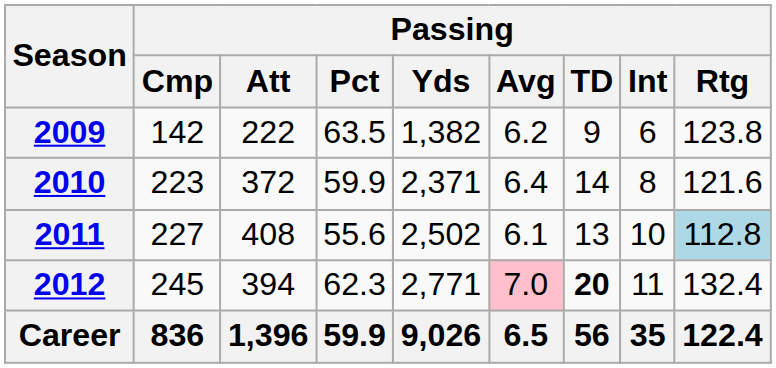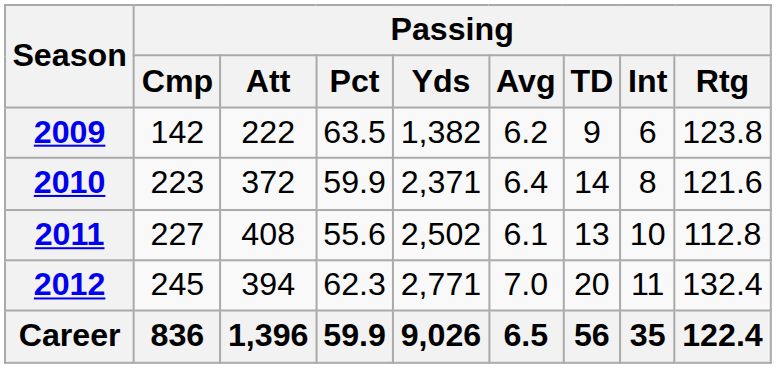 <table class="wikitable" style="text-align:center">
 <tr>
 <th rowspan="2">Season</th>
 <th colspan="8">Passing</th>
 </tr>
 <tr>
 <th>Cmp</th>
 <th>Att</th>
 <th>Pct</th>
 <th>Yds</th>
 <th>Avg</th>
 <th>TD</th>
 <th>Int</th>
 <th>Rtg</th>
 </tr>
 <tr>
 <th><a href='#'>2009</a></th>
 <td>142</td>
 <td>222</td>
 <td>63.5</td>
 <td>1,382</td>
 <td>6.2</td>
 <td>9</td>
 <td>6</td>
 <td>123.8</td>
 </tr>
 <tr>
 <th><a href='#'>2010</a></th>
 <td>223</td>
 <td>372</td>
 <td>59.9</td>
 <td>2,371</td>
 <td>6.4</td>
 <td>14</td>
 <td>8</td>
 <td>121.6</td>
 </tr>
 <tr>
 <th><a href='#'>2011</a></th>
 <td>227</td>
 <td>408</td>
 <td>55.6</td>
 <td>2,502</td>
 <td>6.1</td>
 <td>13</td>
 <td>10</td>
-<td style="background: lightblue;">112.8</td>
+<td>112.8</td>
 </tr>
 <tr>
 <th><a href='#'>2012</a></th>
 <td>245</td>
 <td>394</td>
 <td>62.3</td>
 <td>2,771</td>
-<td style="background: pink;">7.0</td>
-<td><strong>20</strong></td>
+<td>7.0</td>
+<td>20</td>
 <td>11</td>
 <td>132.4</td>
 </tr>
 <tr>
 <th>Career</th>
 <th>836</th>
 <th>1,396</th>
 <th>59.9</th>
 <th>9,026</th>
 <th>6.5</th>
 <th>56</th>
 <th>35</th>
 <th>122.4</th>
 </tr>
 </table>
